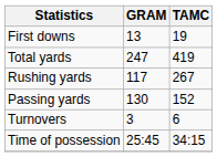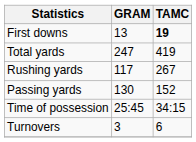 <table class="wikitable" style="float: left;">
 <tr>
 <th>Statistics</th>
 <th>GRAM</th>
 <th>TAMC</th>
 </tr>
 <tr>
 <td>First downs</td>
 <td>13</td>
-<td>19</td>
+<td><strong>19</strong></td>
 </tr>
 <tr>
 <td>Total yards</td>
 <td>247</td>
 <td>419</td>
 </tr>
 <tr>
 <td>Rushing yards</td>
 <td>117</td>
 <td>267</td>
 </tr>
 <tr>
 <td>Passing yards</td>
 <td>130</td>
 <td>152</td>
 </tr>
 <tr>
+<td>Time of possession</td>
+<td>25:45</td>
+<td>34:15</td>
+</tr>
+<tr>
 <td>Turnovers</td>
 <td>3</td>
 <td>6</td>
 </tr>
 <tr>
-<td>Time of possession</td>
-<td>25:45</td>
-<td>34:15</td>
-</tr>
-<tr>
 </tr>
 </table>
